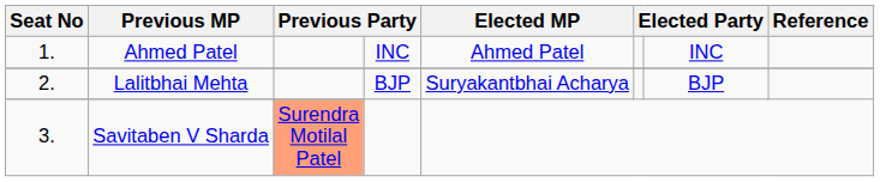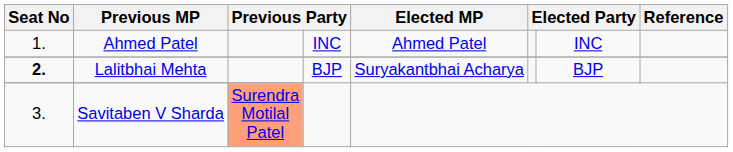 <table class="wikitable">
 <tr>
 <th>Seat No</th>
 <th>Previous MP</th>
 <th colspan=2>Previous Party</th>
 <th>Elected MP</th>
 <th colspan=2>Elected Party</th>
 <th>Reference</th>
 </tr>
 <tr style="text-align:center;">
 <td>1.</td>
 <td><a href='#'>Ahmed Patel</a></td>
 <td width="1px"></td>
 <td><a href='#'>INC</a></td>
 <td><a href='#'>Ahmed Patel</a></td>
 <td width="1px"></td>
 <td><a href='#'>INC</a></td>
 <td></td>
 </tr>
 <tr>
 </tr>
 <tr style="text-align:center;">
-<td>2.</td>
+<td><strong>2.</strong></td>
 <td><a href='#'>Lalitbhai Mehta</a></td>
 <td width="1px"></td>
 <td rowspan=2><a href='#'>BJP</a></td>
 <td><a href='#'>Suryakantbhai Acharya</a></td>
 <td width="1px"></td>
 <td rowspan=2><a href='#'>BJP</a></td>
 <td></td>
 </tr>
 <tr>
 </tr>
 <tr style="text-align:center;">
 <td>3.</td>
 <td><a href='#'>Savitaben V Sharda</a></td>
 <td style="background: lightsalmon;"><a href='#'>Surendra Motilal Patel</a></td>
 <td></td>
 </tr>
 </table>
